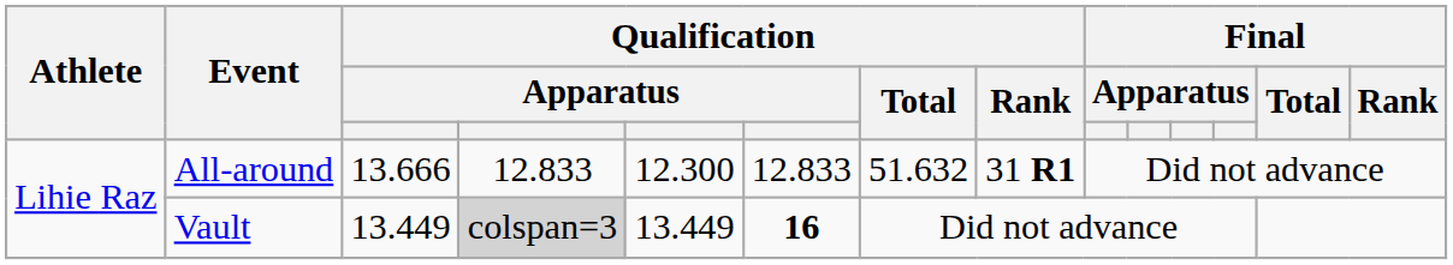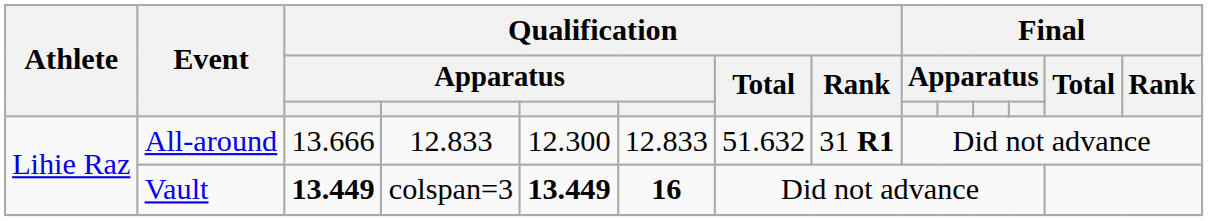 <table class="wikitable" style="font-size:90%">
 <tr>
 <th rowspan=3>Athlete</th>
 <th rowspan=3>Event</th>
 <th colspan=6>Qualification</th>
 <th colspan=6>Final</th>
 </tr>
 <tr style="font-size:95%">
 <th colspan=4>Apparatus</th>
 <th rowspan=2>Total</th>
 <th rowspan=2>Rank</th>
 <th colspan=4>Apparatus</th>
 <th rowspan=2>Total</th>
 <th rowspan=2>Rank</th>
 </tr>
 <tr style="font-size:95%">
 <th></th>
 <th></th>
 <th></th>
 <th></th>
 <th></th>
 <th></th>
 <th></th>
 <th></th>
 </tr>
 <tr align=center>
 <td align=left rowspan=2><a href='#'>Lihie Raz</a></td>
 <td align=left><a href='#'>All-around</a></td>
 <td>13.666</td>
 <td>12.833</td>
 <td>12.300</td>
 <td>12.833</td>
 <td>51.632</td>
 <td>31 <strong>R1</strong></td>
 <td colspan=6>Did not advance</td>
 </tr>
 <tr align=center>
 <td align=left><a href='#'>Vault</a></td>
-<td>13.449</td>
-<td style="background: lightgrey;">colspan=3 </td>
-<td>13.449</td>
+<td><strong>13.449</strong></td>
+<td>colspan=3 </td>
+<td><strong>13.449</strong></td>
 <td><strong>16</strong></td>
 <td colspan=6>Did not advance</td>
 </tr>
 </table>
